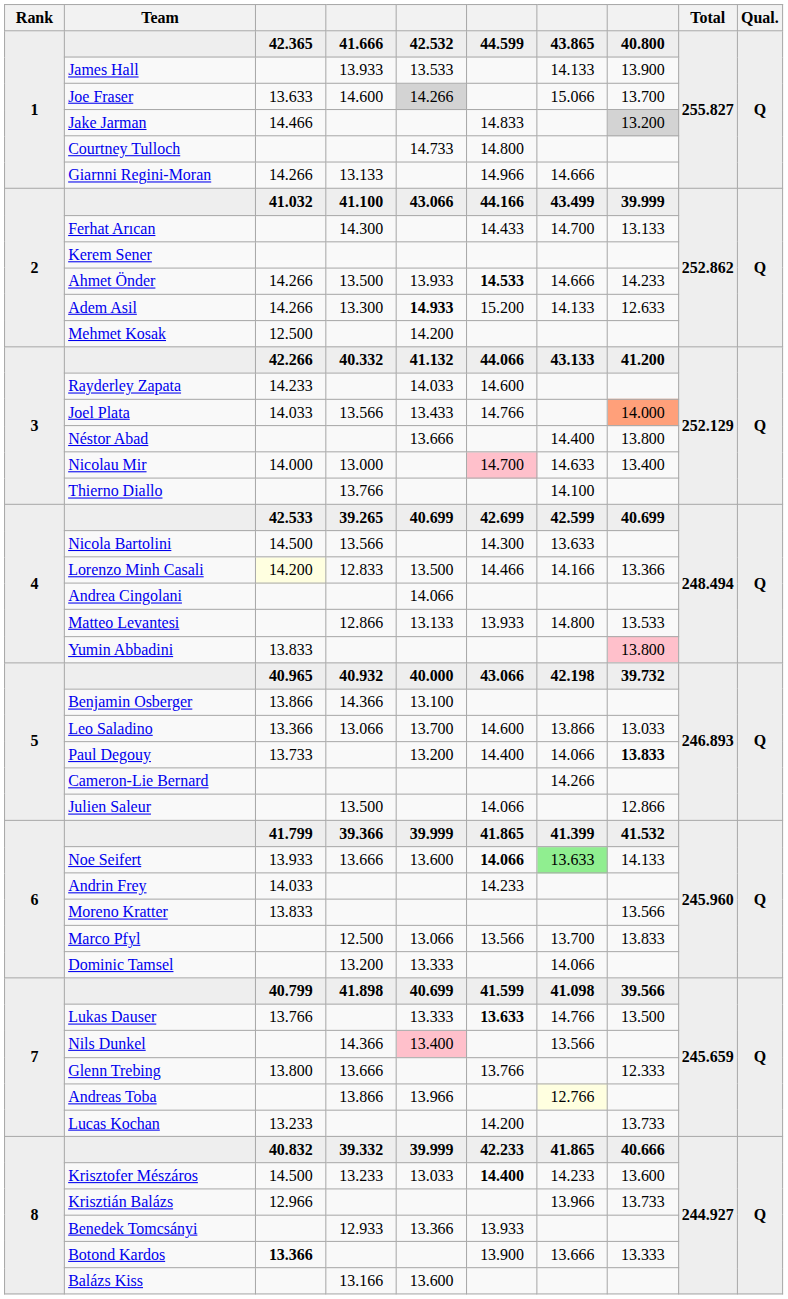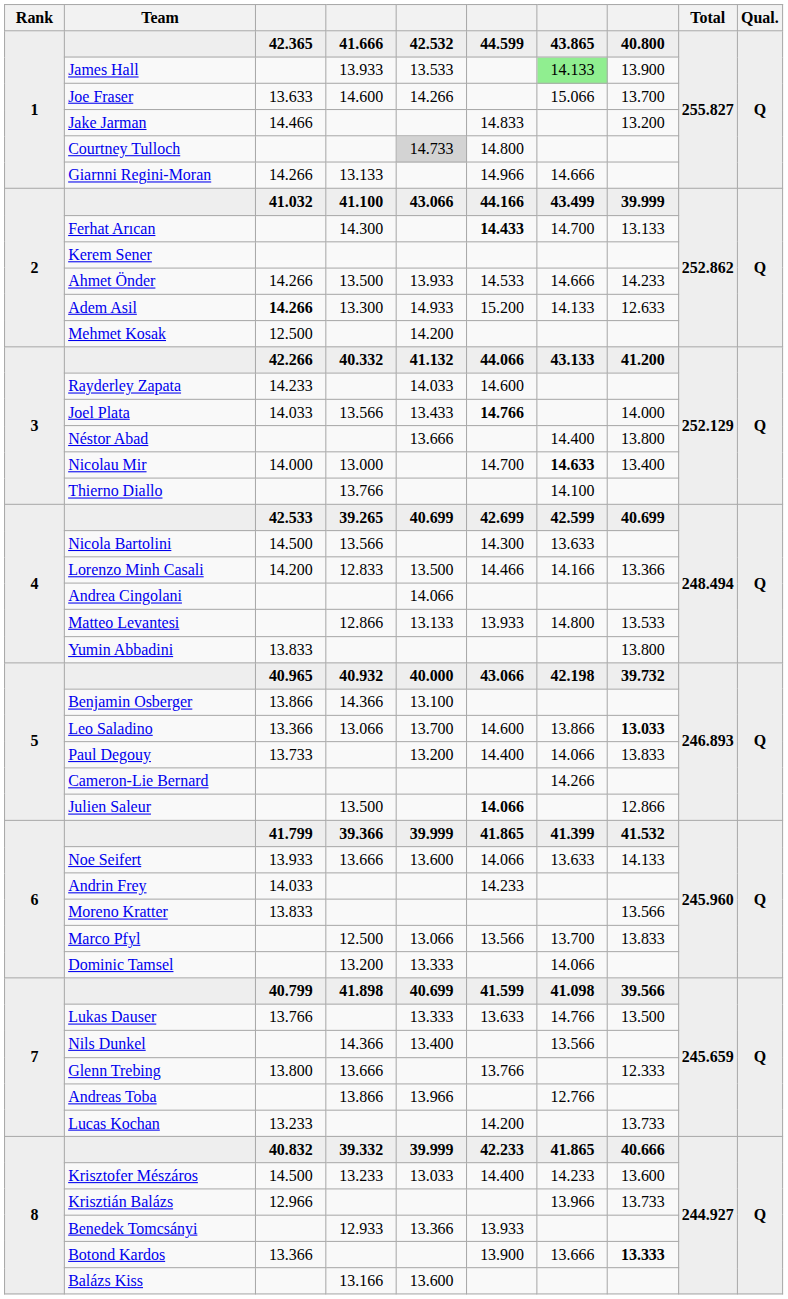 <table style="text-align:center; font-size:95%" class="wikitable sortable">
 <tr>
 <th scope="col" style="width:50px;">Rank</th>
 <th scope="col" style="width:175px;">Team</th>
 <th scope="col" style="width:60px;"></th>
 <th scope="col" style="width:60px;"></th>
 <th scope="col" style="width:60px;"></th>
 <th scope="col" style="width:60px;"></th>
 <th scope="col" style="width:60px;"></th>
 <th scope="col" style="width:60px;"></th>
 <th>Total</th>
 <th>Qual.</th>
 </tr>
 <tr style="background:#eee;">
 <td rowspan="6"><strong>1</strong></td>
 <td style="text-align:left;"><strong></strong></td>
 <td><strong>42.365</strong></td>
 <td><strong>41.666</strong></td>
 <td><strong>42.532</strong></td>
 <td><strong>44.599</strong></td>
 <td><strong>43.865</strong></td>
 <td><strong>40.800</strong></td>
 <td rowspan="6"><strong>255.827</strong></td>
 <td rowspan="6"><strong>Q</strong></td>
 </tr>
 <tr>
 <td style="text-align:left;"><a href='#'>James Hall</a></td>
 <td></td>
 <td>13.933</td>
 <td>13.533</td>
 <td></td>
-<td>14.133</td>
+<td style="background: lightgreen;">14.133</td>
 <td>13.900</td>
 </tr>
 <tr>
 <td style="text-align:left;"><a href='#'>Joe Fraser</a></td>
 <td>13.633</td>
 <td>14.600</td>
-<td style="background: lightgrey;">14.266</td>
+<td>14.266</td>
 <td></td>
 <td>15.066</td>
 <td>13.700</td>
 </tr>
 <tr>
 <td style="text-align:left;"><a href='#'>Jake Jarman</a></td>
 <td>14.466</td>
 <td></td>
 <td></td>
 <td>14.833</td>
 <td></td>
-<td style="background: lightgrey;">13.200</td>
+<td>13.200</td>
 </tr>
 <tr>
 <td style="text-align:left;"><a href='#'>Courtney Tulloch</a></td>
 <td></td>
 <td></td>
-<td>14.733</td>
+<td style="background: lightgrey;">14.733</td>
 <td>14.800</td>
 <td></td>
 <td></td>
 </tr>
 <tr>
 <td style="text-align:left;"><a href='#'>Giarnni Regini-Moran</a></td>
 <td>14.266</td>
 <td>13.133</td>
 <td></td>
 <td>14.966</td>
 <td>14.666</td>
 <td></td>
 </tr>
 <tr style="background:#eee;">
 <td rowspan="6"><strong>2</strong></td>
 <td style="text-align:left;"><strong></strong></td>
 <td><strong>41.032</strong></td>
 <td><strong>41.100</strong></td>
 <td><strong>43.066</strong></td>
 <td><strong>44.166</strong></td>
 <td><strong>43.499</strong></td>
 <td><strong>39.999</strong></td>
 <td rowspan="6"><strong>252.862</strong></td>
 <td rowspan="6"><strong>Q</strong></td>
 </tr>
 <tr>
 <td style="text-align:left;"><a href='#'>Ferhat Arıcan</a></td>
 <td></td>
 <td>14.300</td>
 <td></td>
-<td>14.433</td>
+<td><strong>14.433</strong></td>
 <td>14.700</td>
 <td>13.133</td>
 </tr>
 <tr>
 <td style="text-align:left;"><a href='#'>Kerem Sener</a></td>
 <td></td>
 <td></td>
 <td></td>
 <td></td>
 <td></td>
 <td></td>
 </tr>
 <tr>
 <td style="text-align:left;"><a href='#'>Ahmet Önder</a></td>
 <td>14.266</td>
 <td>13.500</td>
 <td>13.933</td>
-<td><strong>14.533</strong></td>
+<td>14.533</td>
 <td>14.666</td>
 <td>14.233</td>
 </tr>
 <tr>
 <td style="text-align:left;"><a href='#'>Adem Asil</a></td>
-<td>14.266</td>
+<td><strong>14.266</strong></td>
 <td>13.300</td>
-<td><strong>14.933</strong></td>
+<td>14.933</td>
 <td>15.200</td>
 <td>14.133</td>
 <td>12.633</td>
 </tr>
 <tr>
 <td style="text-align:left;"><a href='#'>Mehmet Kosak</a></td>
 <td>12.500</td>
 <td></td>
 <td>14.200</td>
 <td></td>
 <td></td>
 <td></td>
 </tr>
 <tr style="background:#eee;">
 <td rowspan="6"><strong>3</strong></td>
 <td style="text-align:left;"><strong></strong></td>
 <td><strong>42.266</strong></td>
 <td><strong>40.332</strong></td>
 <td><strong>41.132</strong></td>
 <td><strong>44.066</strong></td>
 <td><strong>43.133</strong></td>
 <td><strong>41.200</strong></td>
 <td rowspan="6"><strong>252.129</strong></td>
 <td rowspan="6"><strong>Q</strong></td>
 </tr>
 <tr>
 <td style="text-align:left;"><a href='#'>Rayderley Zapata</a></td>
 <td>14.233</td>
 <td></td>
 <td>14.033</td>
 <td>14.600</td>
 <td></td>
 <td></td>
 </tr>
 <tr>
 <td style="text-align:left;"><a href='#'>Joel Plata</a></td>
 <td>14.033</td>
 <td>13.566</td>
 <td>13.433</td>
-<td>14.766</td>
+<td><strong>14.766</strong></td>
 <td></td>
-<td style="background: lightsalmon;">14.000</td>
+<td>14.000</td>
 </tr>
 <tr>
 <td style="text-align:left;"><a href='#'>Néstor Abad</a></td>
 <td></td>
 <td></td>
 <td>13.666</td>
 <td></td>
 <td>14.400</td>
 <td>13.800</td>
 </tr>
 <tr>
 <td style="text-align:left;"><a href='#'>Nicolau Mir</a></td>
 <td>14.000</td>
 <td>13.000</td>
 <td></td>
-<td style="background: pink;">14.700</td>
-<td>14.633</td>
+<td>14.700</td>
+<td><strong>14.633</strong></td>
 <td>13.400</td>
 </tr>
 <tr>
 <td style="text-align:left;"><a href='#'>Thierno Diallo</a></td>
 <td></td>
 <td>13.766</td>
 <td></td>
 <td></td>
 <td>14.100</td>
 <td></td>
 </tr>
 <tr style="background:#eee;">
 <td rowspan="6"><strong>4</strong></td>
 <td style="text-align:left;"><strong></strong></td>
 <td><strong>42.533</strong></td>
 <td><strong>39.265</strong></td>
 <td><strong>40.699</strong></td>
 <td><strong>42.699</strong></td>
 <td><strong>42.599</strong></td>
 <td><strong>40.699</strong></td>
 <td rowspan="6"><strong>248.494</strong></td>
 <td rowspan="6"><strong>Q</strong></td>
 </tr>
 <tr>
 <td style="text-align:left;"><a href='#'>Nicola Bartolini</a></td>
 <td>14.500</td>
 <td>13.566</td>
 <td></td>
 <td>14.300</td>
 <td>13.633</td>
 <td></td>
 </tr>
 <tr>
 <td style="text-align:left;"><a href='#'>Lorenzo Minh Casali</a></td>
-<td style="background: lightyellow;">14.200</td>
+<td>14.200</td>
 <td>12.833</td>
 <td>13.500</td>
 <td>14.466</td>
 <td>14.166</td>
 <td>13.366</td>
 </tr>
 <tr>
 <td style="text-align:left;"><a href='#'>Andrea Cingolani</a></td>
 <td></td>
 <td></td>
 <td>14.066</td>
 <td></td>
 <td></td>
 <td></td>
 </tr>
 <tr>
 <td style="text-align:left;"><a href='#'>Matteo Levantesi</a></td>
 <td></td>
 <td>12.866</td>
 <td>13.133</td>
 <td>13.933</td>
 <td>14.800</td>
 <td>13.533</td>
 </tr>
 <tr>
 <td style="text-align:left;"><a href='#'>Yumin Abbadini</a></td>
 <td>13.833</td>
 <td></td>
 <td></td>
 <td></td>
 <td></td>
-<td style="background: pink;">13.800</td>
+<td>13.800</td>
 </tr>
 <tr style="background:#eee;">
 <td rowspan="6"><strong>5</strong></td>
 <td style="text-align:left;"><strong></strong></td>
 <td><strong>40.965</strong></td>
 <td><strong>40.932</strong></td>
 <td><strong>40.000</strong></td>
 <td><strong>43.066</strong></td>
 <td><strong>42.198</strong></td>
 <td><strong>39.732</strong></td>
 <td rowspan="6"><strong>246.893</strong></td>
 <td rowspan="6"><strong>Q</strong></td>
 </tr>
 <tr>
 <td style="text-align:left;"><a href='#'>Benjamin Osberger</a></td>
 <td>13.866</td>
 <td>14.366</td>
 <td>13.100</td>
 <td></td>
 <td></td>
 <td></td>
 </tr>
 <tr>
 <td style="text-align:left;"><a href='#'>Leo Saladino</a></td>
 <td>13.366</td>
 <td>13.066</td>
 <td>13.700</td>
 <td>14.600</td>
 <td>13.866</td>
-<td>13.033</td>
+<td><strong>13.033</strong></td>
 </tr>
 <tr>
 <td style="text-align:left;"><a href='#'>Paul Degouy</a></td>
 <td>13.733</td>
 <td></td>
 <td>13.200</td>
 <td>14.400</td>
 <td>14.066</td>
-<td><strong>13.833</strong></td>
+<td>13.833</td>
 </tr>
 <tr>
 <td style="text-align:left;"><a href='#'>Cameron-Lie Bernard</a></td>
 <td></td>
 <td></td>
 <td></td>
 <td></td>
 <td>14.266</td>
 <td></td>
 </tr>
 <tr>
 <td style="text-align:left;"><a href='#'>Julien Saleur</a></td>
 <td></td>
 <td>13.500</td>
 <td></td>
-<td>14.066</td>
+<td><strong>14.066</strong></td>
 <td></td>
 <td>12.866</td>
 </tr>
 <tr style="background:#eee;">
 <td rowspan="6"><strong>6</strong></td>
 <td style="text-align:left;"><strong></strong></td>
 <td><strong>41.799</strong></td>
 <td><strong>39.366</strong></td>
 <td><strong>39.999</strong></td>
 <td><strong>41.865</strong></td>
 <td><strong>41.399</strong></td>
 <td><strong>41.532</strong></td>
 <td rowspan="6"><strong>245.960</strong></td>
 <td rowspan="6"><strong>Q</strong></td>
 </tr>
 <tr>
 <td style="text-align:left;"><a href='#'>Noe Seifert</a></td>
 <td>13.933</td>
 <td>13.666</td>
 <td>13.600</td>
-<td><strong>14.066</strong></td>
-<td style="background: lightgreen;">13.633</td>
+<td>14.066</td>
+<td>13.633</td>
 <td>14.133</td>
 </tr>
 <tr>
 <td style="text-align:left;"><a href='#'>Andrin Frey</a></td>
 <td>14.033</td>
 <td></td>
 <td></td>
 <td>14.233</td>
 <td></td>
 <td></td>
 </tr>
 <tr>
 <td style="text-align:left;"><a href='#'>Moreno Kratter</a></td>
 <td>13.833</td>
 <td></td>
 <td></td>
 <td></td>
 <td></td>
 <td>13.566</td>
 </tr>
 <tr>
 <td style="text-align:left;"><a href='#'>Marco Pfyl</a></td>
 <td></td>
 <td>12.500</td>
 <td>13.066</td>
 <td>13.566</td>
 <td>13.700</td>
 <td>13.833</td>
 </tr>
 <tr>
 <td style="text-align:left;"><a href='#'>Dominic Tamsel</a></td>
 <td></td>
 <td>13.200</td>
 <td>13.333</td>
 <td></td>
 <td>14.066</td>
 <td></td>
 </tr>
 <tr style="background:#eee;">
 <td rowspan="6"><strong>7</strong></td>
 <td style="text-align:left;"><strong></strong></td>
 <td><strong>40.799</strong></td>
 <td><strong>41.898</strong></td>
 <td><strong>40.699</strong></td>
 <td><strong>41.599</strong></td>
 <td><strong>41.098</strong></td>
 <td><strong>39.566</strong></td>
 <td rowspan="6"><strong>245.659</strong></td>
 <td rowspan="6"><strong>Q</strong></td>
 </tr>
 <tr>
 <td style="text-align:left;"><a href='#'>Lukas Dauser</a></td>
 <td>13.766</td>
 <td></td>
 <td>13.333</td>
-<td><strong>13.633</strong></td>
+<td>13.633</td>
 <td>14.766</td>
 <td>13.500</td>
 </tr>
 <tr>
 <td style="text-align:left;"><a href='#'>Nils Dunkel</a></td>
 <td></td>
 <td>14.366</td>
-<td style="background: pink;">13.400</td>
+<td>13.400</td>
 <td></td>
 <td>13.566</td>
 <td></td>
 </tr>
 <tr>
 <td style="text-align:left;"><a href='#'>Glenn Trebing</a></td>
 <td>13.800</td>
 <td>13.666</td>
 <td></td>
 <td>13.766</td>
 <td></td>
 <td>12.333</td>
 </tr>
 <tr>
 <td style="text-align:left;"><a href='#'>Andreas Toba</a></td>
 <td></td>
 <td>13.866</td>
 <td>13.966</td>
 <td></td>
-<td style="background: lightyellow;">12.766</td>
+<td>12.766</td>
 <td></td>
 </tr>
 <tr>
 <td style="text-align:left;"><a href='#'>Lucas Kochan</a></td>
 <td>13.233</td>
 <td></td>
 <td></td>
 <td>14.200</td>
 <td></td>
 <td>13.733</td>
 </tr>
 <tr style="background:#eee;">
 <td rowspan="6"><strong>8</strong></td>
 <td style="text-align:left;"><strong></strong></td>
 <td><strong>40.832</strong></td>
 <td><strong>39.332</strong></td>
 <td><strong>39.999</strong></td>
 <td><strong>42.233</strong></td>
 <td><strong>41.865</strong></td>
 <td><strong>40.666</strong></td>
 <td rowspan="6"><strong>244.927</strong></td>
 <td rowspan="6"><strong>Q</strong></td>
 </tr>
 <tr>
 <td style="text-align:left;"><a href='#'>Krisztofer Mészáros</a></td>
 <td>14.500</td>
 <td>13.233</td>
 <td>13.033</td>
-<td><strong>14.400</strong></td>
+<td>14.400</td>
 <td>14.233</td>
 <td>13.600</td>
 </tr>
 <tr>
 <td style="text-align:left;"><a href='#'>Krisztián Balázs</a></td>
 <td>12.966</td>
 <td></td>
 <td></td>
 <td></td>
 <td>13.966</td>
 <td>13.733</td>
 </tr>
 <tr>
 <td style="text-align:left;"><a href='#'>Benedek Tomcsányi</a></td>
 <td></td>
 <td>12.933</td>
 <td>13.366</td>
 <td>13.933</td>
 <td></td>
 <td></td>
 </tr>
 <tr>
 <td style="text-align:left;"><a href='#'>Botond Kardos</a></td>
-<td><strong>13.366</strong></td>
+<td>13.366</td>
 <td></td>
 <td></td>
 <td>13.900</td>
 <td>13.666</td>
-<td>13.333</td>
+<td><strong>13.333</strong></td>
 </tr>
 <tr>
 <td style="text-align:left;"><a href='#'>Balázs Kiss</a></td>
 <td></td>
 <td>13.166</td>
 <td>13.600</td>
 <td></td>
 <td></td>
 <td></td>
 </tr>
 </table>
